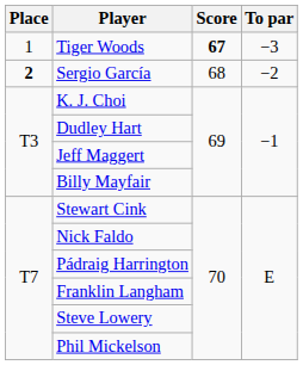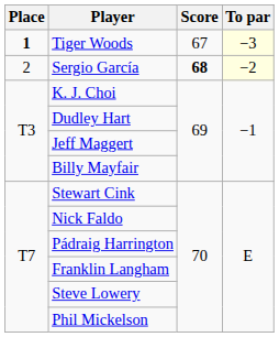 <table class="wikitable">
 <tr>
 <th>Place</th>
 <th>Player</th>
 <th>Score</th>
 <th>To par</th>
 </tr>
 <tr>
-<td align=center>1</td>
+<td align=center><strong>1</strong></td>
 <td> <a href='#'>Tiger Woods</a></td>
-<td align=center><strong>67</strong></td>
-<td align=center>−3</td>
+<td align=center>67</td>
+<td align=center style="background: lightyellow;">−3</td>
 </tr>
 <tr>
-<td align=center><strong>2</strong></td>
+<td align=center>2</td>
 <td> <a href='#'>Sergio García</a></td>
-<td align=center>68</td>
-<td align=center>−2</td>
+<td align=center><strong>68</strong></td>
+<td align=center style="background: lightyellow;">−2</td>
 </tr>
 <tr>
 <td rowspan="4" align=center>T3</td>
 <td> <a href='#'>K. J. Choi</a></td>
 <td rowspan="4" align=center>69</td>
 <td rowspan="4" align=center>−1</td>
 </tr>
 <tr>
 <td> <a href='#'>Dudley Hart</a></td>
 </tr>
 <tr>
 <td> <a href='#'>Jeff Maggert</a></td>
 </tr>
 <tr>
 <td> <a href='#'>Billy Mayfair</a></td>
 </tr>
 <tr>
 <td rowspan="6" align=center>T7</td>
 <td> <a href='#'>Stewart Cink</a></td>
 <td rowspan="6" align=center>70</td>
 <td rowspan="6" align=center>E</td>
 </tr>
 <tr>
 <td> <a href='#'>Nick Faldo</a></td>
 </tr>
 <tr>
 <td> <a href='#'>Pádraig Harrington</a></td>
 </tr>
 <tr>
 <td> <a href='#'>Franklin Langham</a></td>
 </tr>
 <tr>
 <td> <a href='#'>Steve Lowery</a></td>
 </tr>
 <tr>
 <td> <a href='#'>Phil Mickelson</a></td>
 </tr>
 </table>
